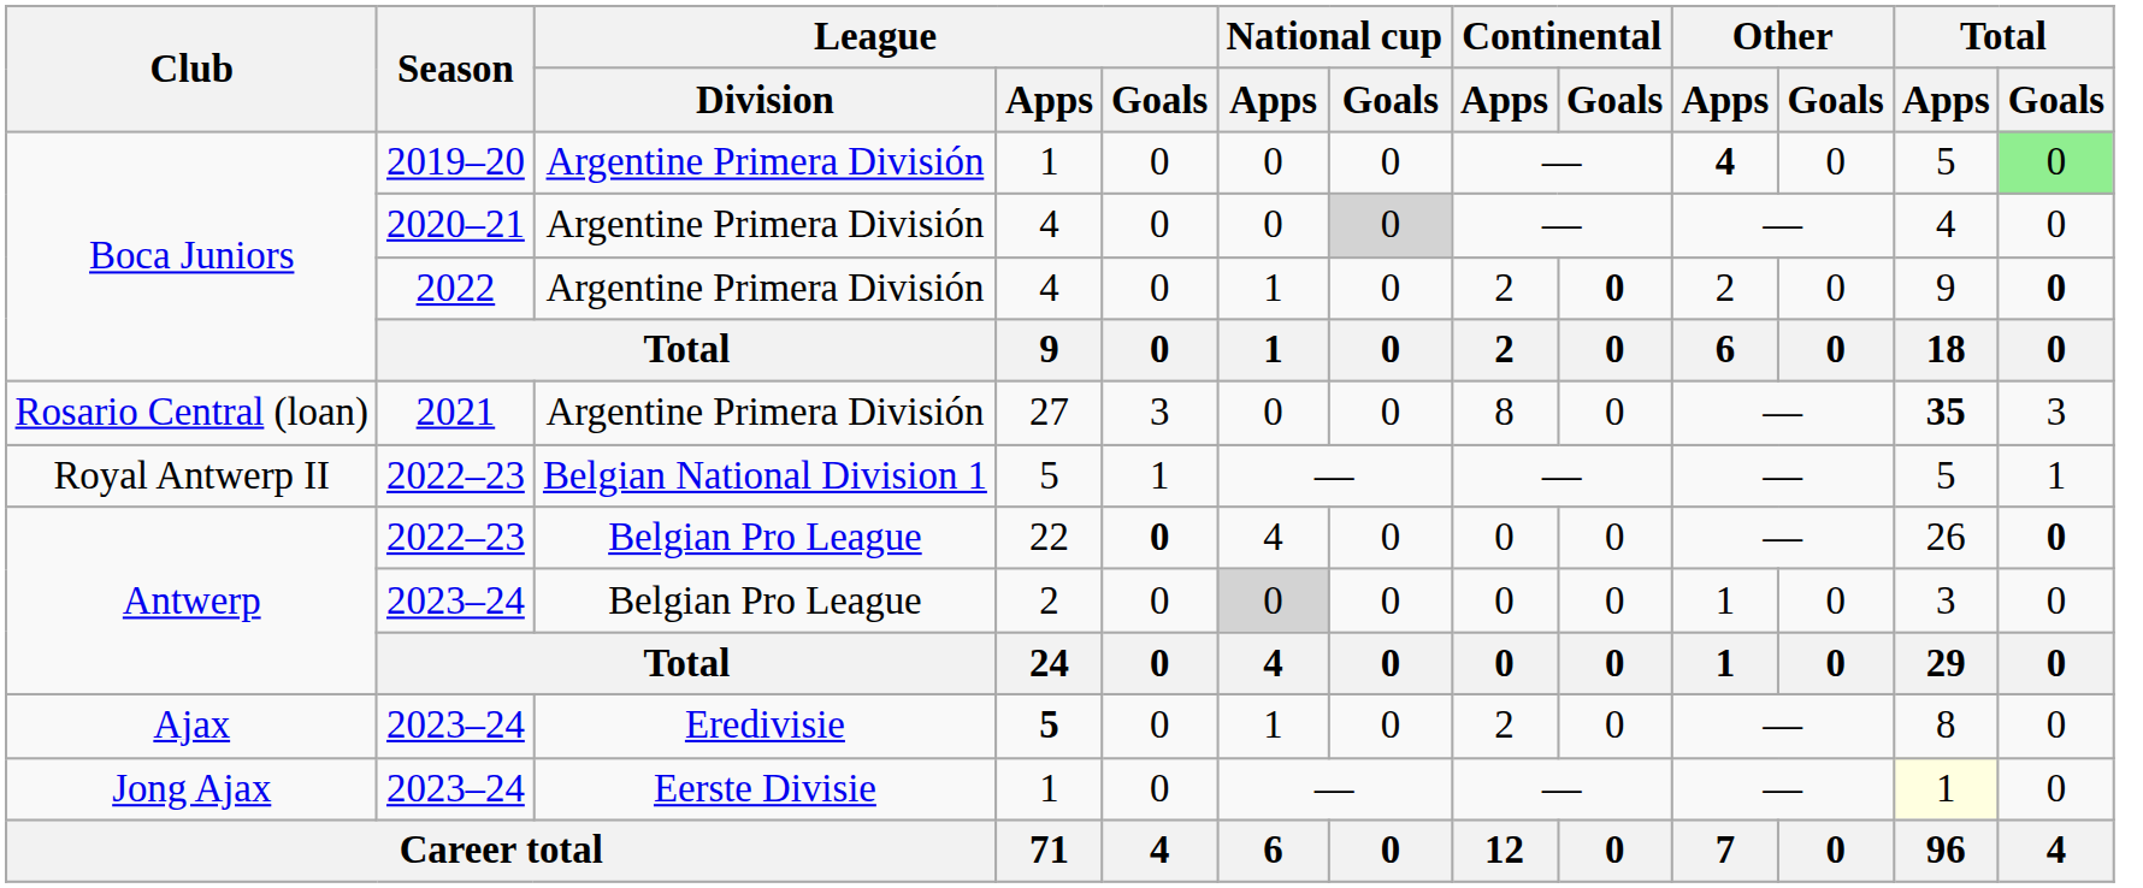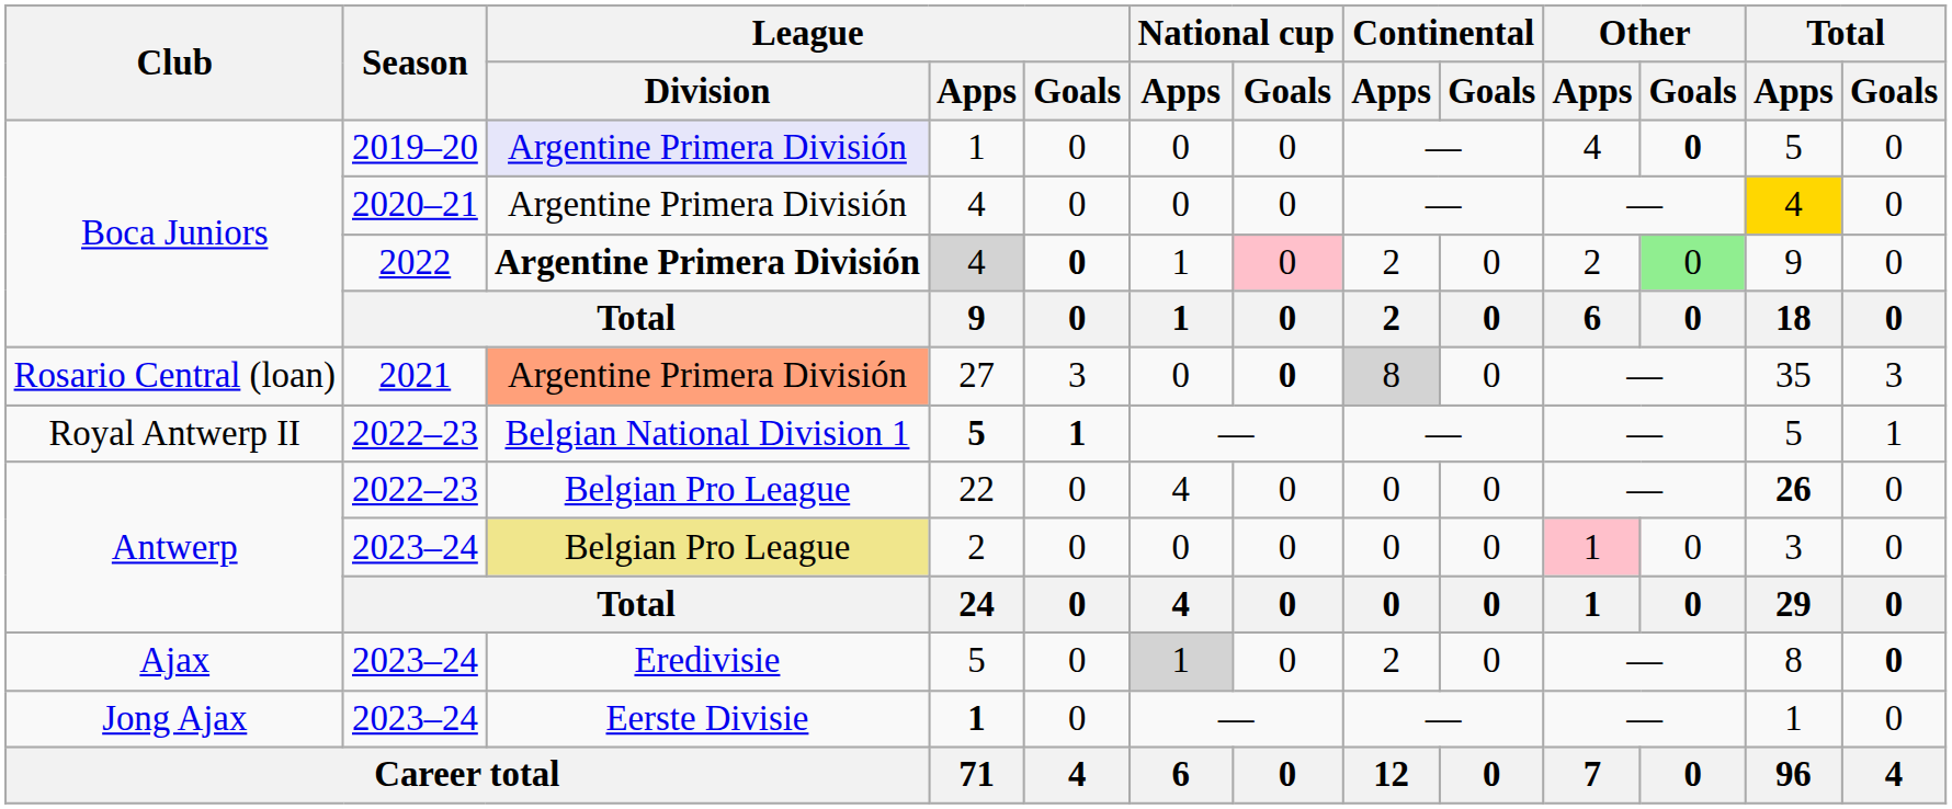 <table class="wikitable" style="text-align:center">
 <tr>
 <th rowspan="2">Club</th>
 <th rowspan="2">Season</th>
 <th colspan="3">League</th>
 <th colspan="2">National cup</th>
 <th colspan="2">Continental</th>
 <th colspan="2">Other</th>
 <th colspan="2">Total</th>
 </tr>
 <tr>
 <th>Division</th>
 <th>Apps</th>
 <th>Goals</th>
 <th>Apps</th>
 <th>Goals</th>
 <th>Apps</th>
 <th>Goals</th>
 <th>Apps</th>
 <th>Goals</th>
 <th>Apps</th>
 <th>Goals</th>
 </tr>
 <tr>
 <td rowspan="4"><a href='#'>Boca Juniors</a></td>
 <td><a href='#'>2019–20</a></td>
-<td><a href='#'>Argentine Primera División</a></td>
+<td style="background: lavender;"><a href='#'>Argentine Primera División</a></td>
 <td>1</td>
 <td>0</td>
 <td>0</td>
 <td>0</td>
 <td colspan="2">—</td>
-<td><strong>4</strong></td>
+<td>4</td>
+<td><strong>0</strong></td>
+<td>5</td>
 <td>0</td>
-<td>5</td>
-<td style="background: lightgreen;">0</td>
 </tr>
 <tr>
 <td><a href='#'>2020–21</a></td>
 <td>Argentine Primera División</td>
 <td>4</td>
 <td>0</td>
 <td>0</td>
-<td style="background: lightgrey;">0</td>
+<td>0</td>
 <td colspan="2">—</td>
 <td colspan="2">—</td>
-<td>4</td>
+<td style="background: gold;">4</td>
 <td>0</td>
 </tr>
 <tr>
 <td><a href='#'>2022</a></td>
-<td>Argentine Primera División</td>
-<td>4</td>
-<td>0</td>
+<td><strong>Argentine Primera División</strong></td>
+<td style="background: lightgrey;">4</td>
+<td><strong>0</strong></td>
 <td>1</td>
+<td style="background: pink;">0</td>
+<td>2</td>
 <td>0</td>
 <td>2</td>
-<td><strong>0</strong></td>
-<td>2</td>
+<td style="background: lightgreen;">0</td>
+<td>9</td>
 <td>0</td>
-<td>9</td>
-<td><strong>0</strong></td>
 </tr>
 <tr>
 <th colspan="2">Total</th>
 <th>9</th>
 <th>0</th>
 <th>1</th>
 <th>0</th>
 <th>2</th>
 <th>0</th>
 <th>6</th>
 <th>0</th>
 <th>18</th>
 <th>0</th>
 </tr>
 <tr>
 <td><a href='#'>Rosario Central</a> (loan)</td>
 <td><a href='#'>2021</a></td>
-<td>Argentine Primera División</td>
+<td style="background: lightsalmon;">Argentine Primera División</td>
 <td>27</td>
 <td>3</td>
 <td>0</td>
-<td>0</td>
-<td>8</td>
+<td><strong>0</strong></td>
+<td style="background: lightgrey;">8</td>
 <td>0</td>
 <td colspan="2">—</td>
-<td><strong>35</strong></td>
+<td>35</td>
 <td>3</td>
 </tr>
 <tr>
 <td>Royal Antwerp II</td>
 <td><a href='#'>2022–23</a></td>
 <td><a href='#'>Belgian National Division 1</a></td>
-<td>5</td>
-<td>1</td>
+<td><strong>5</strong></td>
+<td><strong>1</strong></td>
 <td colspan="2">—</td>
 <td colspan="2">—</td>
 <td colspan="2">—</td>
 <td>5</td>
 <td>1</td>
 </tr>
 <tr>
 <td rowspan="3"><a href='#'>Antwerp</a></td>
 <td><a href='#'>2022–23</a></td>
 <td><a href='#'>Belgian Pro League</a></td>
 <td>22</td>
-<td><strong>0</strong></td>
+<td>0</td>
 <td>4</td>
 <td>0</td>
 <td>0</td>
 <td>0</td>
 <td colspan="2">—</td>
-<td>26</td>
-<td><strong>0</strong></td>
+<td><strong>26</strong></td>
+<td>0</td>
 </tr>
 <tr>
 <td><a href='#'>2023–24</a></td>
-<td>Belgian Pro League</td>
+<td style="background: khaki;">Belgian Pro League</td>
 <td>2</td>
-<td>0</td>
-<td style="background: lightgrey;">0</td>
 <td>0</td>
 <td>0</td>
 <td>0</td>
-<td>1</td>
+<td>0</td>
+<td>0</td>
+<td style="background: pink;">1</td>
 <td>0</td>
 <td>3</td>
 <td>0</td>
 </tr>
 <tr>
 <th colspan="2">Total</th>
 <th>24</th>
 <th>0</th>
 <th>4</th>
 <th>0</th>
 <th>0</th>
 <th>0</th>
 <th>1</th>
 <th>0</th>
 <th>29</th>
 <th>0</th>
 </tr>
 <tr>
 <td><a href='#'>Ajax</a></td>
 <td><a href='#'>2023–24</a></td>
 <td><a href='#'>Eredivisie</a></td>
-<td><strong>5</strong></td>
+<td>5</td>
 <td>0</td>
-<td>1</td>
+<td style="background: lightgrey;">1</td>
 <td>0</td>
 <td>2</td>
 <td>0</td>
 <td colspan="2">—</td>
 <td>8</td>
-<td>0</td>
+<td><strong>0</strong></td>
 </tr>
 <tr>
 <td><a href='#'>Jong Ajax</a></td>
 <td><a href='#'>2023–24</a></td>
 <td><a href='#'>Eerste Divisie</a></td>
-<td>1</td>
+<td><strong>1</strong></td>
 <td>0</td>
 <td colspan="2">—</td>
 <td colspan="2">—</td>
 <td colspan="2">—</td>
-<td style="background: lightyellow;">1</td>
+<td>1</td>
 <td>0</td>
 </tr>
 <tr>
 <th colspan="3">Career total</th>
 <th>71</th>
 <th>4</th>
 <th>6</th>
 <th>0</th>
 <th>12</th>
 <th>0</th>
 <th>7</th>
 <th>0</th>
 <th>96</th>
 <th>4</th>
 </tr>
 </table>
